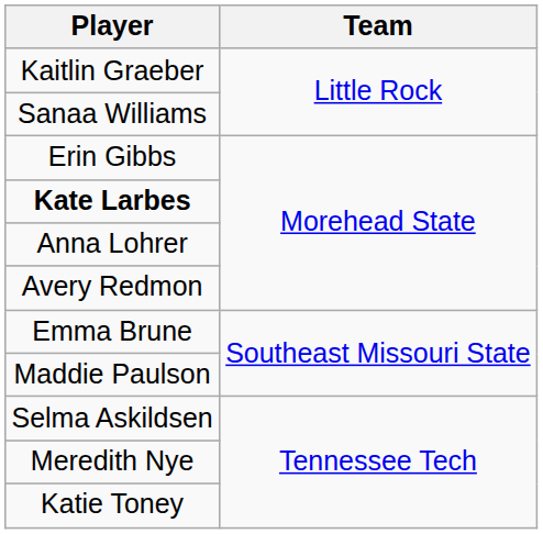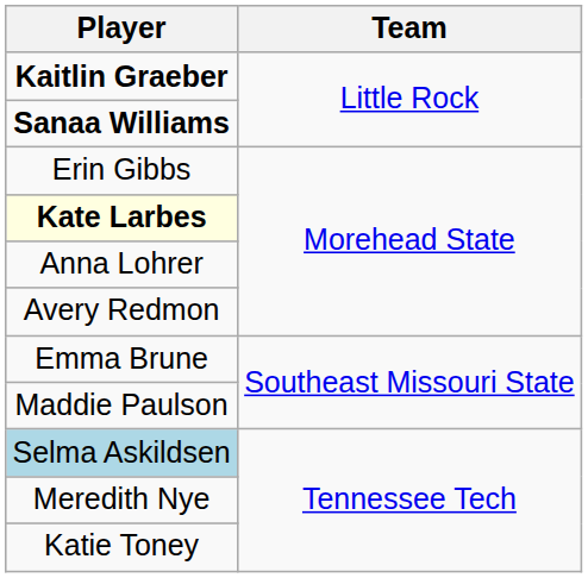 <table class="wikitable" style="text-align: center;">
 <tr>
 <th>Player</th>
 <th>Team</th>
 </tr>
 <tr>
-<td>Kaitlin Graeber</td>
+<td><strong>Kaitlin Graeber</strong></td>
 <td rowspan=2><a href='#'>Little Rock</a></td>
 </tr>
 <tr>
-<td>Sanaa Williams</td>
+<td><strong>Sanaa Williams</strong></td>
 </tr>
 <tr>
 <td>Erin Gibbs</td>
 <td rowspan=4><a href='#'>Morehead State</a></td>
 </tr>
 <tr>
-<td><strong>Kate Larbes</strong></td>
+<td style="background: lightyellow;"><strong>Kate Larbes</strong></td>
 </tr>
 <tr>
 <td>Anna Lohrer</td>
 </tr>
 <tr>
 <td>Avery Redmon</td>
 </tr>
 <tr>
 <td>Emma Brune</td>
 <td rowspan=2><a href='#'>Southeast Missouri State</a></td>
 </tr>
 <tr>
 <td>Maddie Paulson</td>
 </tr>
 <tr>
-<td>Selma Askildsen</td>
+<td style="background: lightblue;">Selma Askildsen</td>
 <td rowspan=3><a href='#'>Tennessee Tech</a></td>
 </tr>
 <tr>
 <td>Meredith Nye</td>
 </tr>
 <tr>
 <td>Katie Toney</td>
 </tr>
 </table>
